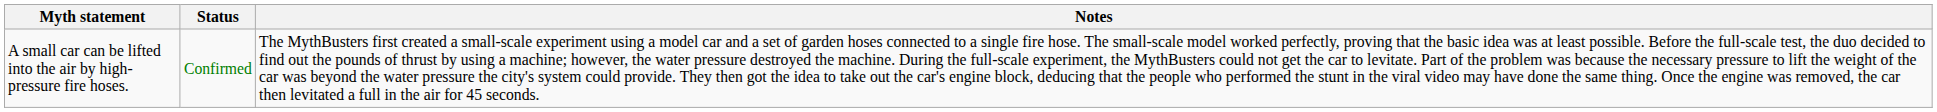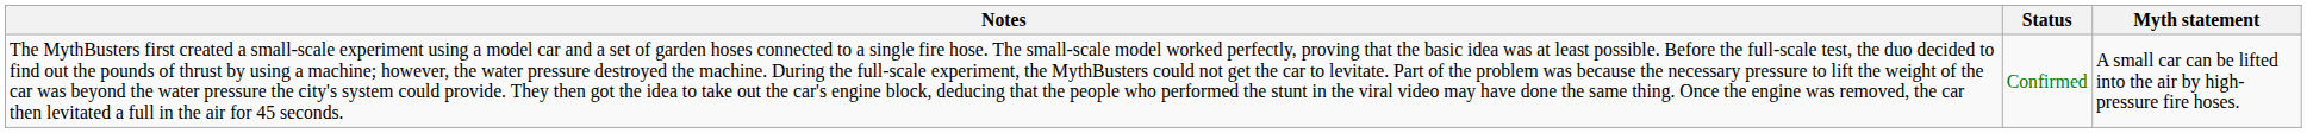 <table class="wikitable plainrowheaders">
 <tr>
+<th>Notes</th>
+<th>Status</th>
 <th>Myth statement</th>
-<th>Status</th>
-<th>Notes</th>
 </tr>
 <tr>
+<td>The MythBusters first created a small-scale experiment using a model car and a set of garden hoses connected to a single fire hose. The small-scale model worked perfectly, proving that the basic idea was at least possible. Before the full-scale test, the duo decided to find out the pounds of thrust by using a machine; however, the water pressure destroyed the machine. During the full-scale experiment, the MythBusters could not get the car to levitate. Part of the problem was because the necessary pressure to lift the weight of the car was beyond the water pressure the city's system could provide. They then got the idea to take out the car's engine block, deducing that the people who performed the stunt in the viral video may have done the same thing. Once the engine was removed, the car then levitated a full  in the air for 45 seconds.</td>
+<td style="color:green">Confirmed</td>
 <td>A small car can be lifted into the air by high-pressure fire hoses.</td>
-<td style="color:green">Confirmed</td>
-<td>The MythBusters first created a small-scale experiment using a model car and a set of garden hoses connected to a single fire hose. The small-scale model worked perfectly, proving that the basic idea was at least possible. Before the full-scale test, the duo decided to find out the pounds of thrust by using a machine; however, the water pressure destroyed the machine. During the full-scale experiment, the MythBusters could not get the car to levitate. Part of the problem was because the necessary pressure to lift the weight of the car was beyond the water pressure the city's system could provide. They then got the idea to take out the car's engine block, deducing that the people who performed the stunt in the viral video may have done the same thing. Once the engine was removed, the car then levitated a full  in the air for 45 seconds.</td>
 </tr>
 </table>
